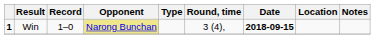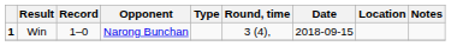 <table class="wikitable" style="text-align:center; font-size:95%">
 <tr>
 <th></th>
 <th>Result</th>
 <th>Record</th>
 <th>Opponent</th>
 <th>Type</th>
 <th>Round, time</th>
 <th>Date</th>
 <th>Location</th>
 <th>Notes</th>
 </tr>
 <tr>
 <td><strong>1</strong></td>
 <td>Win</td>
 <td>1–0</td>
-<td style="background: khaki; text-align:left;"> <a href='#'>Narong Bunchan</a></td>
+<td style="text-align:left;"> <a href='#'>Narong Bunchan</a></td>
 <td></td>
 <td>3 (4), </td>
-<td><strong>2018-09-15</strong></td>
+<td>2018-09-15</td>
 <td style="text-align:left;"> </td>
 <td></td>
 </tr>
 <tr>
 </tr>
 </table>
